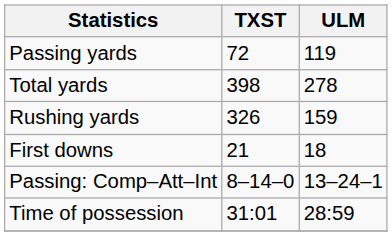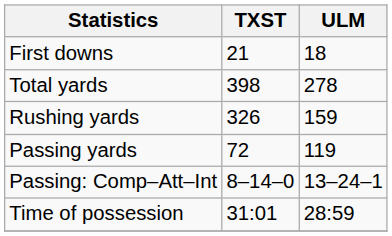 <table class="wikitable" style="float: left;">
 <tr>
 <th>Statistics</th>
 <th>TXST</th>
 <th>ULM</th>
 </tr>
 <tr>
-<td>Passing yards</td>
-<td>72</td>
-<td>119</td>
+<td>First downs</td>
+<td>21</td>
+<td>18</td>
 </tr>
 <tr>
 <td>Total yards</td>
 <td>398</td>
 <td>278</td>
 </tr>
 <tr>
 <td>Rushing yards</td>
 <td>326</td>
 <td>159</td>
 </tr>
 <tr>
-<td>First downs</td>
-<td>21</td>
-<td>18</td>
+<td>Passing yards</td>
+<td>72</td>
+<td>119</td>
 </tr>
 <tr>
 <td>Passing: Comp–Att–Int</td>
 <td>8–14–0</td>
 <td>13–24–1</td>
 </tr>
 <tr>
 <td>Time of possession</td>
 <td>31:01</td>
 <td>28:59</td>
 </tr>
 <tr>
 </tr>
 </table>
